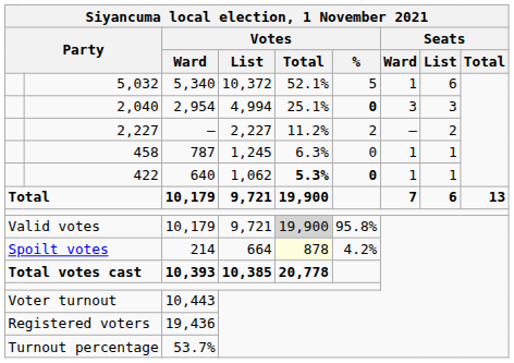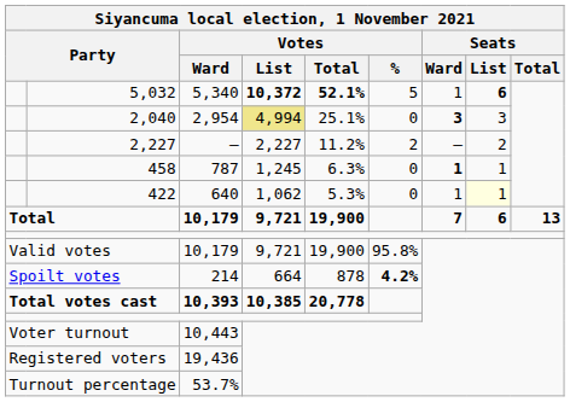 <table class=wikitable style="text-align:right">
 <tr>
 <th colspan="9" align="center">Siyancuma local election, 1 November 2021</th>
 </tr>
 <tr>
 <th rowspan="2" colspan="2">Party</th>
 <th colspan="4" align="center">Votes</th>
 <th colspan="3" align="center">Seats</th>
 </tr>
 <tr>
 <th>Ward</th>
 <th>List</th>
 <th>Total</th>
 <th>%</th>
 <th>Ward</th>
 <th>List</th>
 <th>Total</th>
 </tr>
 <tr>
 <td></td>
 <td>5,032</td>
 <td>5,340</td>
-<td>10,372</td>
-<td>52.1%</td>
+<td><strong>10,372</strong></td>
+<td><strong>52.1%</strong></td>
 <td>5</td>
 <td>1</td>
-<td>6</td>
+<td><strong>6</strong></td>
 </tr>
 <tr>
 <td></td>
 <td>2,040</td>
 <td>2,954</td>
-<td>4,994</td>
+<td style="background: khaki;">4,994</td>
 <td>25.1%</td>
-<td><strong>0</strong></td>
-<td>3</td>
+<td>0</td>
+<td><strong>3</strong></td>
 <td>3</td>
 </tr>
 <tr>
 <td></td>
 <td>2,227</td>
 <td>–</td>
 <td>2,227</td>
 <td>11.2%</td>
 <td>2</td>
 <td>–</td>
 <td>2</td>
 </tr>
 <tr>
 <td></td>
 <td>458</td>
 <td>787</td>
 <td>1,245</td>
 <td>6.3%</td>
 <td>0</td>
-<td>1</td>
+<td><strong>1</strong></td>
 <td>1</td>
 </tr>
 <tr>
 <td></td>
 <td>422</td>
 <td>640</td>
 <td>1,062</td>
-<td><strong>5.3%</strong></td>
-<td><strong>0</strong></td>
+<td>5.3%</td>
+<td>0</td>
 <td>1</td>
-<td>1</td>
+<td style="background: lightyellow;">1</td>
 </tr>
 <tr>
 <td colspan="2" style="text-align:left"><strong>Total</strong></td>
 <td><strong>10,179</strong></td>
 <td><strong>9,721</strong></td>
 <td><strong>19,900</strong></td>
 <td></td>
 <td><strong>7</strong></td>
 <td><strong>6</strong></td>
 <td><strong>13</strong></td>
 </tr>
 <tr>
 <td colspan="9"></td>
 </tr>
 <tr>
 <td colspan="2" style="text-align:left">Valid votes</td>
 <td>10,179</td>
 <td>9,721</td>
-<td style="background: lightgrey;">19,900</td>
+<td>19,900</td>
 <td>95.8%</td>
 </tr>
 <tr>
 <td colspan="2" style="text-align:left"><a href='#'>Spoilt votes</a></td>
 <td>214</td>
 <td>664</td>
-<td style="background: lightyellow;">878</td>
-<td>4.2%</td>
+<td>878</td>
+<td><strong>4.2%</strong></td>
 </tr>
 <tr>
 <td colspan="2" style="text-align:left"><strong>Total votes cast</strong></td>
 <td><strong>10,393</strong></td>
 <td><strong>10,385</strong></td>
 <td><strong>20,778</strong></td>
 <td></td>
 </tr>
 <tr>
 <td colspan="6"></td>
 </tr>
 <tr>
 <td colspan="2" style="text-align:left">Voter turnout</td>
 <td>10,443</td>
 </tr>
 <tr>
 <td colspan="2" style="text-align:left">Registered voters</td>
 <td>19,436</td>
 </tr>
 <tr>
 <td colspan="2" style="text-align:left">Turnout percentage</td>
 <td>53.7%</td>
 </tr>
 </table>
